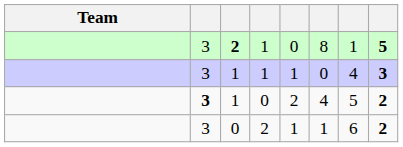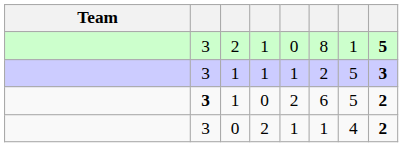 <table class="wikitable" style="text-align:center;">
 <tr>
 <th width=165>Team</th>
 <th width=20></th>
 <th width=20></th>
 <th width=20></th>
 <th width=20></th>
 <th width=20></th>
 <th width=20></th>
 <th width=20></th>
 </tr>
 <tr style="background:#cfc;">
 <td align="left"></td>
 <td>3</td>
-<td><strong>2</strong></td>
+<td>2</td>
 <td>1</td>
 <td>0</td>
 <td>8</td>
 <td>1</td>
 <td><strong>5</strong></td>
 </tr>
 <tr style="background: #ccccff;">
 <td align="left"></td>
 <td>3</td>
 <td>1</td>
 <td>1</td>
 <td>1</td>
-<td>0</td>
-<td>4</td>
+<td>2</td>
+<td>5</td>
 <td><strong>3</strong></td>
 </tr>
 <tr>
 <td align="left"></td>
 <td><strong>3</strong></td>
 <td>1</td>
 <td>0</td>
 <td>2</td>
-<td>4</td>
+<td>6</td>
 <td>5</td>
 <td><strong>2</strong></td>
 </tr>
 <tr>
 <td align="left"></td>
 <td>3</td>
 <td>0</td>
 <td>2</td>
 <td>1</td>
 <td>1</td>
-<td>6</td>
+<td>4</td>
 <td><strong>2</strong></td>
 </tr>
 </table>
